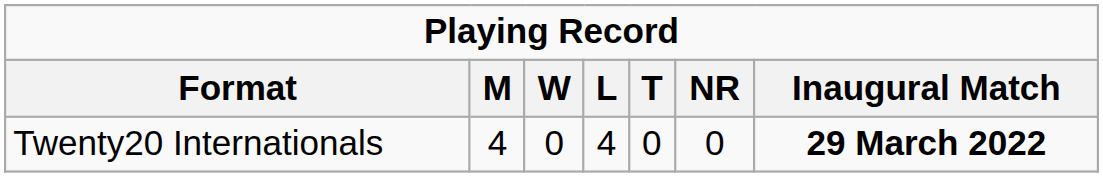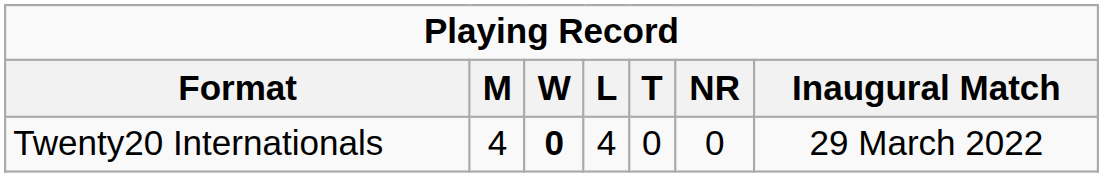 <table class="wikitable" style="text-align: center; width: 500px;">
 <tr>
 <td colspan=7 align="center"><strong>Playing Record</strong></td>
 </tr>
 <tr>
 <th>Format</th>
 <th>M</th>
 <th>W</th>
 <th>L</th>
 <th>T</th>
 <th>NR</th>
 <th>Inaugural Match</th>
 </tr>
 <tr>
 <td align="left">Twenty20 Internationals</td>
 <td>4</td>
-<td>0</td>
+<td><strong>0</strong></td>
 <td>4</td>
 <td>0</td>
 <td>0</td>
-<td><strong>29 March 2022</strong></td>
+<td>29 March 2022</td>
 </tr>
 </table>
